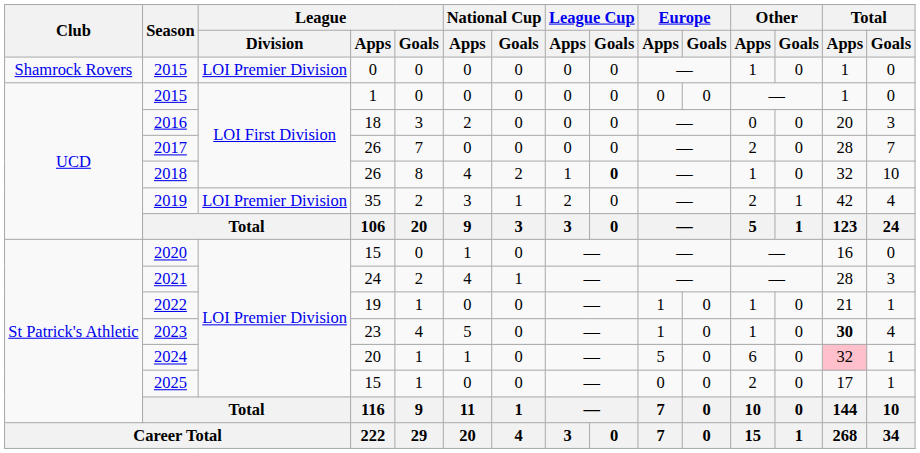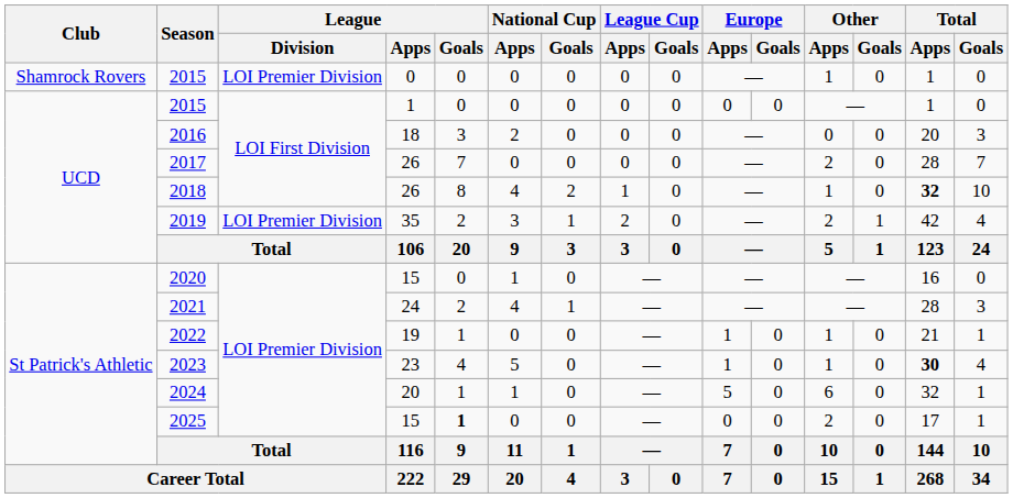 <table class="wikitable" style="text-align:center">
 <tr>
 <th rowspan="2">Club</th>
 <th rowspan="2">Season</th>
 <th colspan="3">League</th>
 <th colspan="2">National Cup</th>
 <th colspan="2"><a href='#'>League Cup</a></th>
 <th colspan="2"><a href='#'>Europe</a></th>
 <th colspan="2">Other</th>
 <th colspan="2">Total</th>
 </tr>
 <tr>
 <th>Division</th>
 <th>Apps</th>
 <th>Goals</th>
 <th>Apps</th>
 <th>Goals</th>
 <th>Apps</th>
 <th>Goals</th>
 <th>Apps</th>
 <th>Goals</th>
 <th>Apps</th>
 <th>Goals</th>
 <th>Apps</th>
 <th>Goals</th>
 </tr>
 <tr>
 <td><a href='#'>Shamrock Rovers</a></td>
 <td><a href='#'>2015</a></td>
 <td><a href='#'>LOI Premier Division</a></td>
 <td>0</td>
 <td>0</td>
 <td>0</td>
 <td>0</td>
 <td>0</td>
 <td>0</td>
 <td colspan="2">—</td>
 <td>1</td>
 <td>0</td>
 <td>1</td>
 <td>0</td>
 </tr>
 <tr>
 <td rowspan="6"><a href='#'>UCD</a></td>
 <td><a href='#'>2015</a></td>
 <td rowspan="4"><a href='#'>LOI First Division</a></td>
 <td>1</td>
 <td>0</td>
 <td>0</td>
 <td>0</td>
 <td>0</td>
 <td>0</td>
 <td>0</td>
 <td>0</td>
 <td colspan="2">—</td>
 <td>1</td>
 <td>0</td>
 </tr>
 <tr>
 <td><a href='#'>2016</a></td>
 <td>18</td>
 <td>3</td>
 <td>2</td>
 <td>0</td>
 <td>0</td>
 <td>0</td>
 <td colspan="2">—</td>
 <td>0</td>
 <td>0</td>
 <td>20</td>
 <td>3</td>
 </tr>
 <tr>
 <td><a href='#'>2017</a></td>
 <td>26</td>
 <td>7</td>
 <td>0</td>
 <td>0</td>
 <td>0</td>
 <td>0</td>
 <td colspan="2">—</td>
 <td>2</td>
 <td>0</td>
 <td>28</td>
 <td>7</td>
 </tr>
 <tr>
 <td><a href='#'>2018</a></td>
 <td>26</td>
 <td>8</td>
 <td>4</td>
 <td>2</td>
 <td>1</td>
-<td><strong>0</strong></td>
+<td>0</td>
 <td colspan="2">—</td>
 <td>1</td>
 <td>0</td>
-<td>32</td>
+<td><strong>32</strong></td>
 <td>10</td>
 </tr>
 <tr>
 <td><a href='#'>2019</a></td>
 <td><a href='#'>LOI Premier Division</a></td>
 <td>35</td>
 <td>2</td>
 <td>3</td>
 <td>1</td>
 <td>2</td>
 <td>0</td>
 <td colspan="2">—</td>
 <td>2</td>
 <td>1</td>
 <td>42</td>
 <td>4</td>
 </tr>
 <tr>
 <th colspan="2">Total</th>
 <th>106</th>
 <th>20</th>
 <th>9</th>
 <th>3</th>
 <th>3</th>
 <th>0</th>
 <th colspan="2">—</th>
 <th>5</th>
 <th>1</th>
 <th>123</th>
 <th>24</th>
 </tr>
 <tr>
 <td rowspan="7"><a href='#'>St Patrick's Athletic</a></td>
 <td><a href='#'>2020</a></td>
 <td rowspan="6"><a href='#'>LOI Premier Division</a></td>
 <td>15</td>
 <td>0</td>
 <td>1</td>
 <td>0</td>
 <td colspan="2">—</td>
 <td colspan="2">—</td>
 <td colspan="2">—</td>
 <td>16</td>
 <td>0</td>
 </tr>
 <tr>
 <td><a href='#'>2021</a></td>
 <td>24</td>
 <td>2</td>
 <td>4</td>
 <td>1</td>
 <td colspan="2">—</td>
 <td colspan="2">—</td>
 <td colspan="2">—</td>
 <td>28</td>
 <td>3</td>
 </tr>
 <tr>
 <td><a href='#'>2022</a></td>
 <td>19</td>
 <td>1</td>
 <td>0</td>
 <td>0</td>
 <td colspan="2">—</td>
 <td>1</td>
 <td>0</td>
 <td>1</td>
 <td>0</td>
 <td>21</td>
 <td>1</td>
 </tr>
 <tr>
 <td><a href='#'>2023</a></td>
 <td>23</td>
 <td>4</td>
 <td>5</td>
 <td>0</td>
 <td colspan="2">—</td>
 <td>1</td>
 <td>0</td>
 <td>1</td>
 <td>0</td>
 <td><strong>30</strong></td>
 <td>4</td>
 </tr>
 <tr>
 <td><a href='#'>2024</a></td>
 <td>20</td>
 <td>1</td>
 <td>1</td>
 <td>0</td>
 <td colspan="2">—</td>
 <td>5</td>
 <td>0</td>
 <td>6</td>
 <td>0</td>
-<td style="background: pink;">32</td>
+<td>32</td>
 <td>1</td>
 </tr>
 <tr>
 <td><a href='#'>2025</a></td>
 <td>15</td>
-<td>1</td>
+<td><strong>1</strong></td>
 <td>0</td>
 <td>0</td>
 <td colspan="2">—</td>
 <td>0</td>
 <td>0</td>
 <td>2</td>
 <td>0</td>
 <td>17</td>
 <td>1</td>
 </tr>
 <tr>
 <th colspan="2">Total</th>
 <th>116</th>
 <th>9</th>
 <th>11</th>
 <th>1</th>
 <th colspan="2">—</th>
 <th>7</th>
 <th>0</th>
 <th>10</th>
 <th>0</th>
 <th>144</th>
 <th>10</th>
 </tr>
 <tr>
 <th colspan="3">Career Total</th>
 <th>222</th>
 <th>29</th>
 <th>20</th>
 <th>4</th>
 <th>3</th>
 <th>0</th>
 <th>7</th>
 <th>0</th>
 <th>15</th>
 <th>1</th>
 <th>268</th>
 <th>34</th>
 </tr>
 </table>
